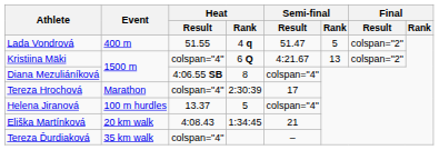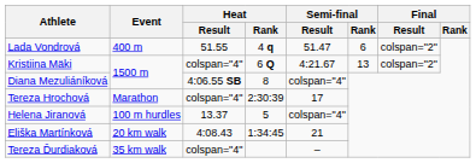 <table class="wikitable" style="font-size:90%">
 <tr>
 <th rowspan="2">Athlete</th>
 <th rowspan="2">Event</th>
 <th colspan="2">Heat</th>
 <th colspan="2">Semi-final</th>
 <th colspan="2">Final</th>
 </tr>
 <tr style="font-size:95%">
 <th>Result</th>
 <th>Rank</th>
 <th>Result</th>
 <th>Rank</th>
 <th>Result</th>
 <th>Rank</th>
 </tr>
 <tr align=center>
 <td align=left><a href='#'>Lada Vondrová</a></td>
 <td align=left><a href='#'>400 m</a></td>
 <td>51.55</td>
 <td>4 <strong>q</strong></td>
 <td>51.47</td>
-<td>5</td>
+<td>6</td>
 <td>colspan="2" </td>
 </tr>
 <tr align=center>
 <td align=left><a href='#'>Kristiina Mäki</a></td>
 <td rowspan="2" align=left><a href='#'>1500 m</a></td>
 <td>colspan="4" </td>
 <td>6 <strong>Q</strong></td>
 <td>4:21.67</td>
 <td>13</td>
 <td>colspan="2" </td>
 </tr>
 <tr align=center>
 <td align=left><a href='#'>Diana Mezuliáníková</a></td>
 <td>4:06.55 <strong>SB</strong></td>
 <td>8</td>
 <td>colspan="4" </td>
 </tr>
 <tr align=center>
 <td align=left><a href='#'>Tereza Hrochová</a></td>
 <td align=left><a href='#'>Marathon</a></td>
 <td>colspan="4" </td>
 <td>2:30:39 </td>
 <td>17</td>
 </tr>
 <tr align=center>
 <td align=left><a href='#'>Helena Jiranová</a></td>
 <td align=left><a href='#'>100 m hurdles</a></td>
 <td>13.37</td>
 <td>5</td>
 <td>colspan="4" </td>
 </tr>
 <tr align=center>
 <td align=left><a href='#'>Eliška Martínková</a></td>
 <td align=left><a href='#'>20 km walk</a></td>
 <td>4:08.43</td>
 <td>1:34:45</td>
 <td>21</td>
 </tr>
 <tr align=center>
 <td align=left><a href='#'>Tereza Ďurdiaková</a></td>
 <td align=left><a href='#'>35 km walk</a></td>
 <td>colspan="4" </td>
 <td></td>
 <td>–</td>
 </tr>
 </table>
